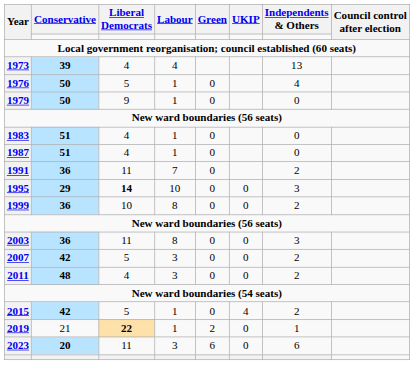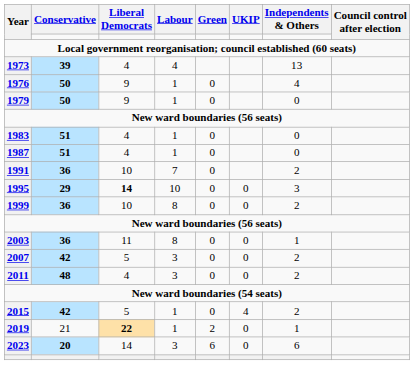 <table class="wikitable plainrowheaders" style="text-align:center">
 <tr>
 <th scope="col" rowspan="2">Year</th>
 <th scope="col"><a href='#'>Conservative</a></th>
 <th scope="col" style="width:1px"><a href='#'>Liberal Democrats</a></th>
 <th scope="col"><a href='#'>Labour</a></th>
 <th scope="col"><a href='#'>Green</a></th>
 <th scope="col"><a href='#'>UKIP</a></th>
 <th scope="col"><a href='#'>Independents</a><br>& Others</th>
 <th scope="col" rowspan="2" colspan="2">Council control<br>after election</th>
 </tr>
 <tr>
 <td style="background:"></td>
 <td style="background:"></td>
 <td style="background:"></td>
 <td style="background:"></td>
 <td style="background:"></td>
 <td style="background:"></td>
 </tr>
 <tr>
 <td colspan="9"><strong>Local government reorganisation; council established (60 seats)</strong></td>
 </tr>
 <tr>
 <th scope="row"><a href='#'>1973</a></th>
 <td style="background:#B9E4FF;"><strong>39</strong></td>
 <td>4</td>
 <td>4</td>
 <td></td>
 <td></td>
 <td>13</td>
 <td></td>
 </tr>
 <tr>
 <th scope="row"><a href='#'>1976</a></th>
 <td style="background:#B9E4FF;"><strong>50</strong></td>
-<td>5</td>
+<td>9</td>
 <td>1</td>
 <td>0</td>
 <td></td>
 <td>4</td>
 <td></td>
 </tr>
 <tr>
 <th scope="row"><a href='#'>1979</a></th>
 <td style="background:#B9E4FF;"><strong>50</strong></td>
 <td>9</td>
 <td>1</td>
 <td>0</td>
 <td></td>
 <td>0</td>
 <td></td>
 </tr>
 <tr>
 <td colspan="9"><strong>New ward boundaries (56 seats)</strong></td>
 </tr>
 <tr>
 <th scope="row"><a href='#'>1983</a></th>
 <td style="background:#B9E4FF;"><strong>51</strong></td>
 <td>4</td>
 <td>1</td>
 <td>0</td>
 <td></td>
 <td>0</td>
 <td></td>
 </tr>
 <tr>
 <th scope="row"><a href='#'>1987</a></th>
 <td style="background:#B9E4FF;"><strong>51</strong></td>
 <td>4</td>
 <td>1</td>
 <td>0</td>
 <td></td>
 <td>0</td>
 <td></td>
 </tr>
 <tr>
 <th scope="row"><a href='#'>1991</a></th>
 <td style="background:#B9E4FF;"><strong>36</strong></td>
-<td>11</td>
+<td>10</td>
 <td>7</td>
 <td>0</td>
 <td></td>
 <td>2</td>
 <td></td>
 </tr>
 <tr>
 <th scope="row"><a href='#'>1995</a></th>
 <td style="background:#B9E4FF;"><strong>29</strong></td>
 <td><strong>14</strong></td>
 <td>10</td>
 <td>0</td>
 <td>0</td>
 <td>3</td>
 <td></td>
 </tr>
 <tr>
 <th scope="row"><a href='#'>1999</a></th>
 <td style="background:#B9E4FF;"><strong>36</strong></td>
 <td>10</td>
 <td>8</td>
 <td>0</td>
 <td>0</td>
 <td>2</td>
 <td></td>
 </tr>
 <tr>
 <td colspan="9"><strong>New ward boundaries (56 seats)</strong></td>
 </tr>
 <tr>
 <th scope="row"><a href='#'>2003</a></th>
 <td style="background:#B9E4FF;"><strong>36</strong></td>
 <td>11</td>
 <td>8</td>
 <td>0</td>
 <td>0</td>
-<td>3</td>
+<td>1</td>
 <td></td>
 </tr>
 <tr>
 <th scope="row"><a href='#'>2007</a></th>
 <td style="background:#B9E4FF;"><strong>42</strong></td>
 <td>5</td>
 <td>3</td>
 <td>0</td>
 <td>0</td>
 <td>2</td>
 <td></td>
 </tr>
 <tr>
 <th scope="row"><a href='#'>2011</a></th>
 <td style="background:#B9E4FF;"><strong>48</strong></td>
 <td>4</td>
 <td>3</td>
 <td>0</td>
 <td>0</td>
 <td>2</td>
 <td></td>
 </tr>
 <tr>
 <td colspan="9"><strong>New ward boundaries (54 seats)</strong></td>
 </tr>
 <tr>
 <th scope="row"><a href='#'>2015</a></th>
 <td style="background:#B9E4FF;"><strong>42</strong></td>
 <td>5</td>
 <td>1</td>
 <td>0</td>
 <td>4</td>
 <td>2</td>
 <td></td>
 </tr>
 <tr>
 <th scope="row"><a href='#'>2019</a></th>
 <td>21</td>
 <td style="background:#FEE1A8"><strong>22</strong></td>
 <td>1</td>
 <td>2</td>
 <td>0</td>
 <td>1</td>
 <td></td>
 </tr>
 <tr>
 <th scope="row"><a href='#'>2023</a></th>
 <td style="background:#B9E4FF;"><strong>20</strong></td>
-<td>11</td>
+<td>14</td>
 <td>3</td>
 <td>6</td>
 <td>0</td>
 <td>6</td>
 <td></td>
 </tr>
 <tr>
 <th></th>
 <th style="background-color: "></th>
 <th style="background-color: "></th>
 <th style="background-color: "></th>
 <th style="background-color: "></th>
 <th style="background-color: "></th>
 <th style="background-color: "></th>
 </tr>
 </table>
